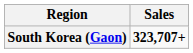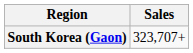 <table class="wikitable plainrowheaders" style="text-align:center;">
 <tr>
 <th>Region</th>
 <th>Sales</th>
 </tr>
 <tr>
 <th scope="row">South Korea (<a href='#'>Gaon</a>)</th>
-<td><strong>323,707+</strong></td>
+<td>323,707+</td>
 </tr>
 </table>
